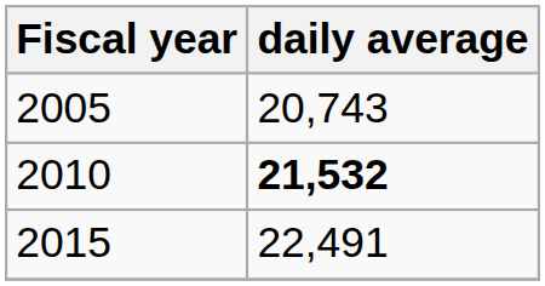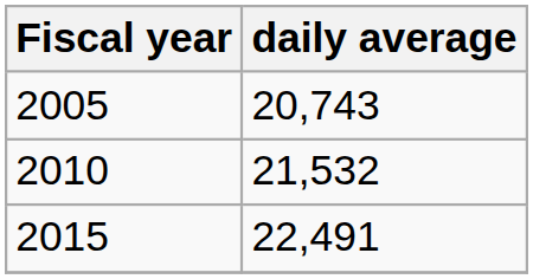 <table class="wikitable">
 <tr>
 <th>Fiscal year</th>
 <th>daily average</th>
 </tr>
 <tr>
 <td>2005</td>
 <td>20,743</td>
 </tr>
 <tr>
 <td>2010</td>
-<td><strong>21,532</strong></td>
+<td>21,532</td>
 </tr>
 <tr>
 <td>2015</td>
 <td>22,491</td>
 </tr>
 <tr>
 </tr>
 </table>
